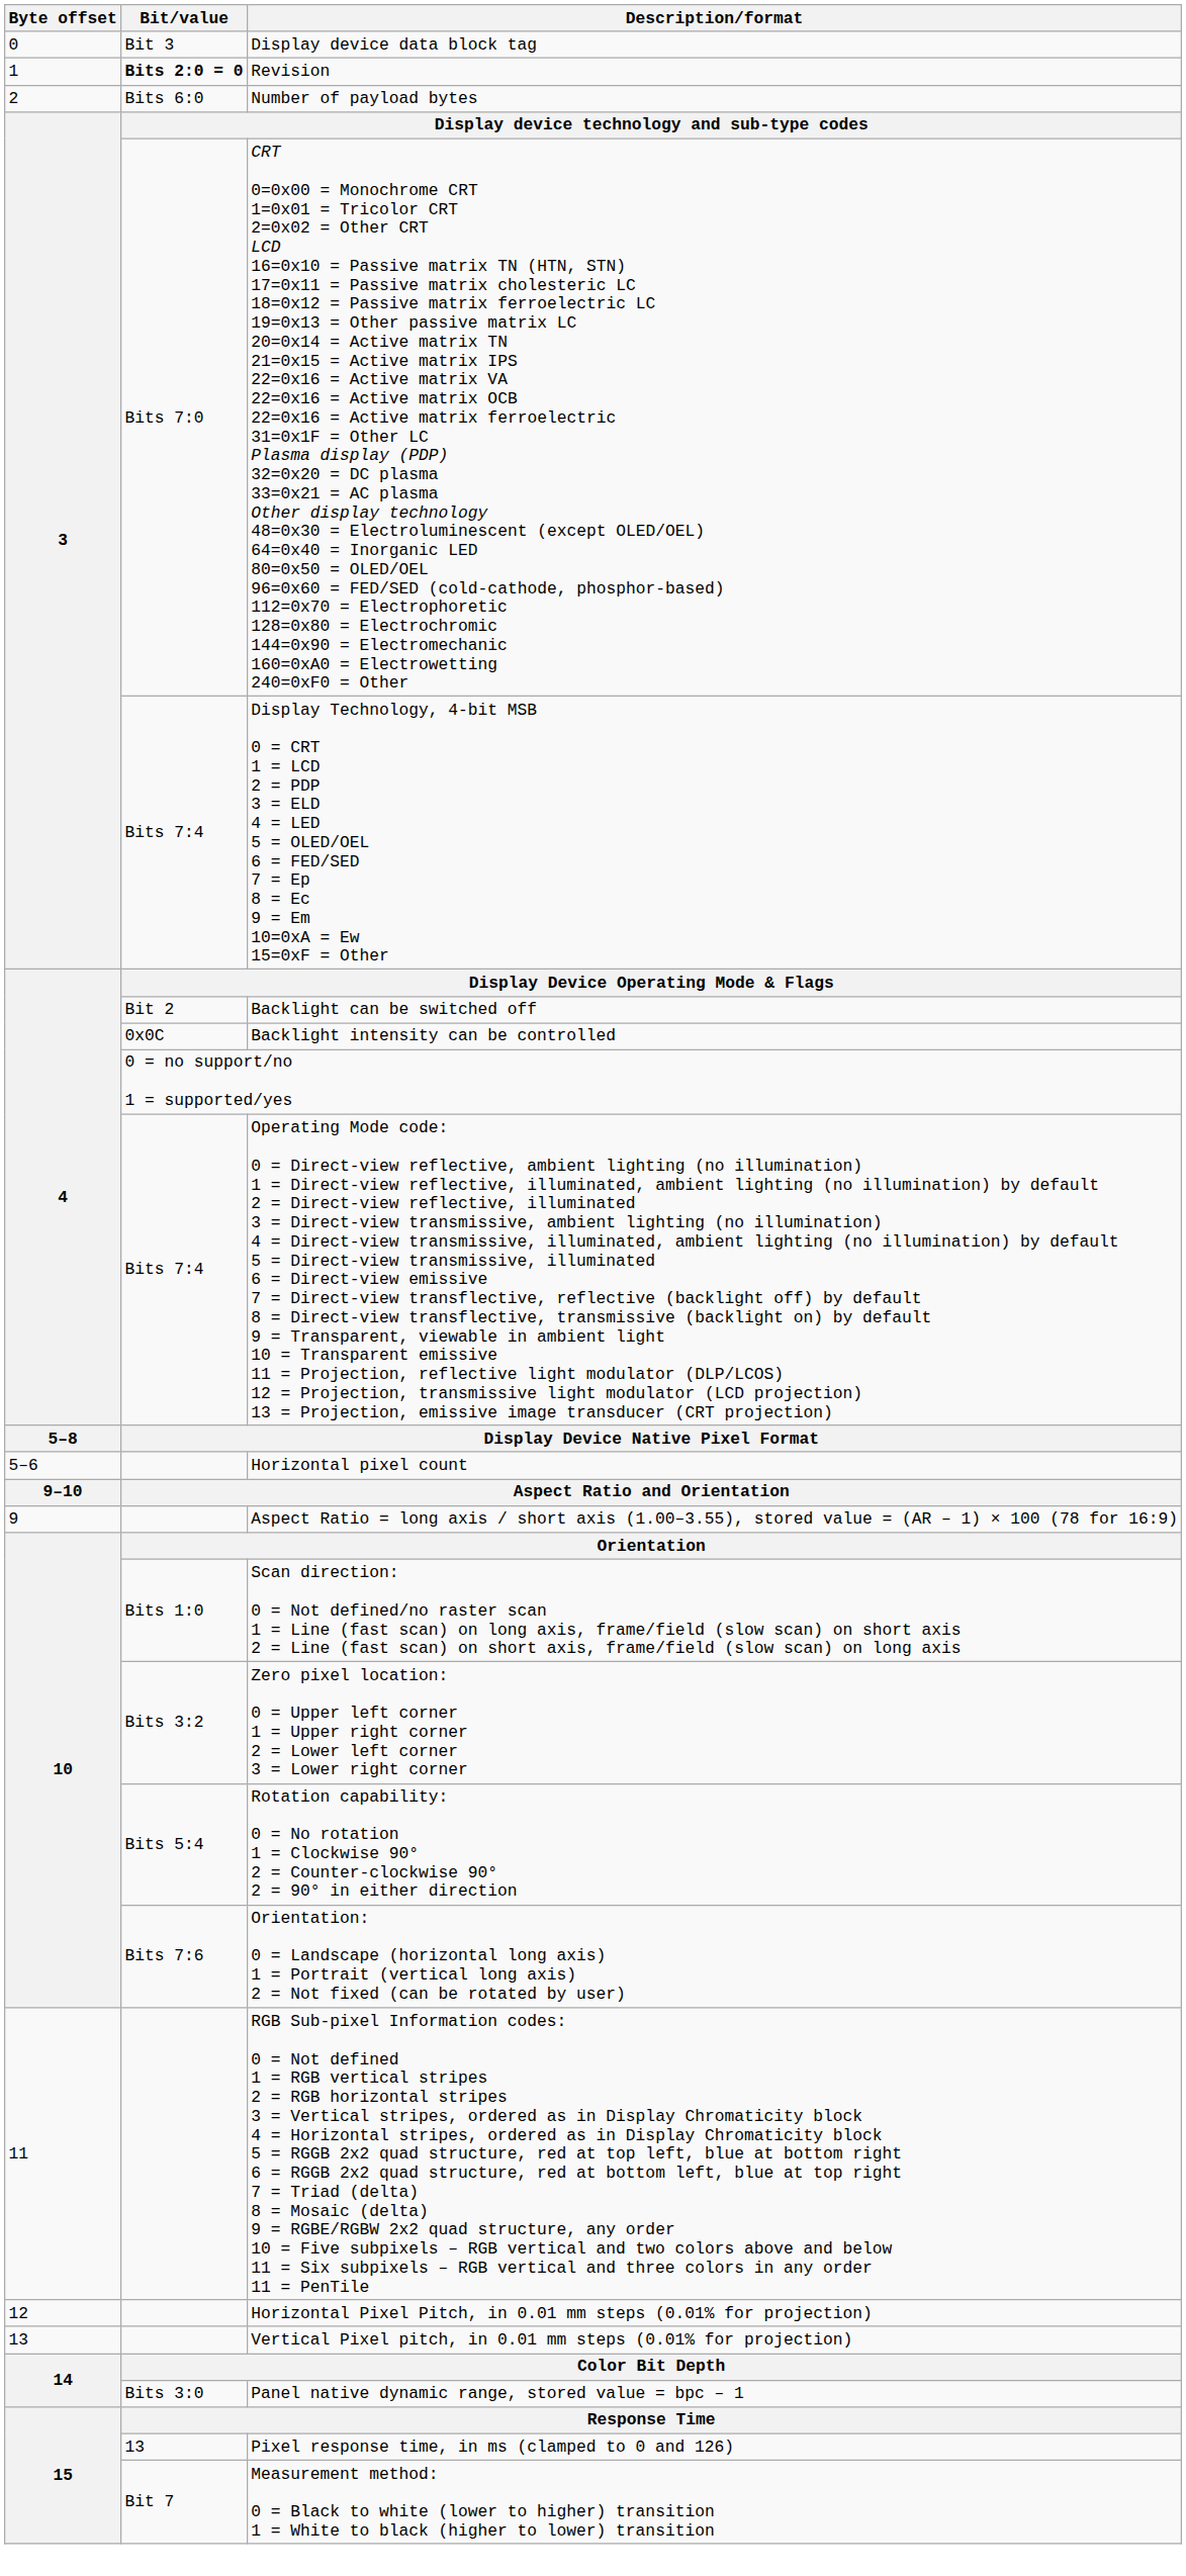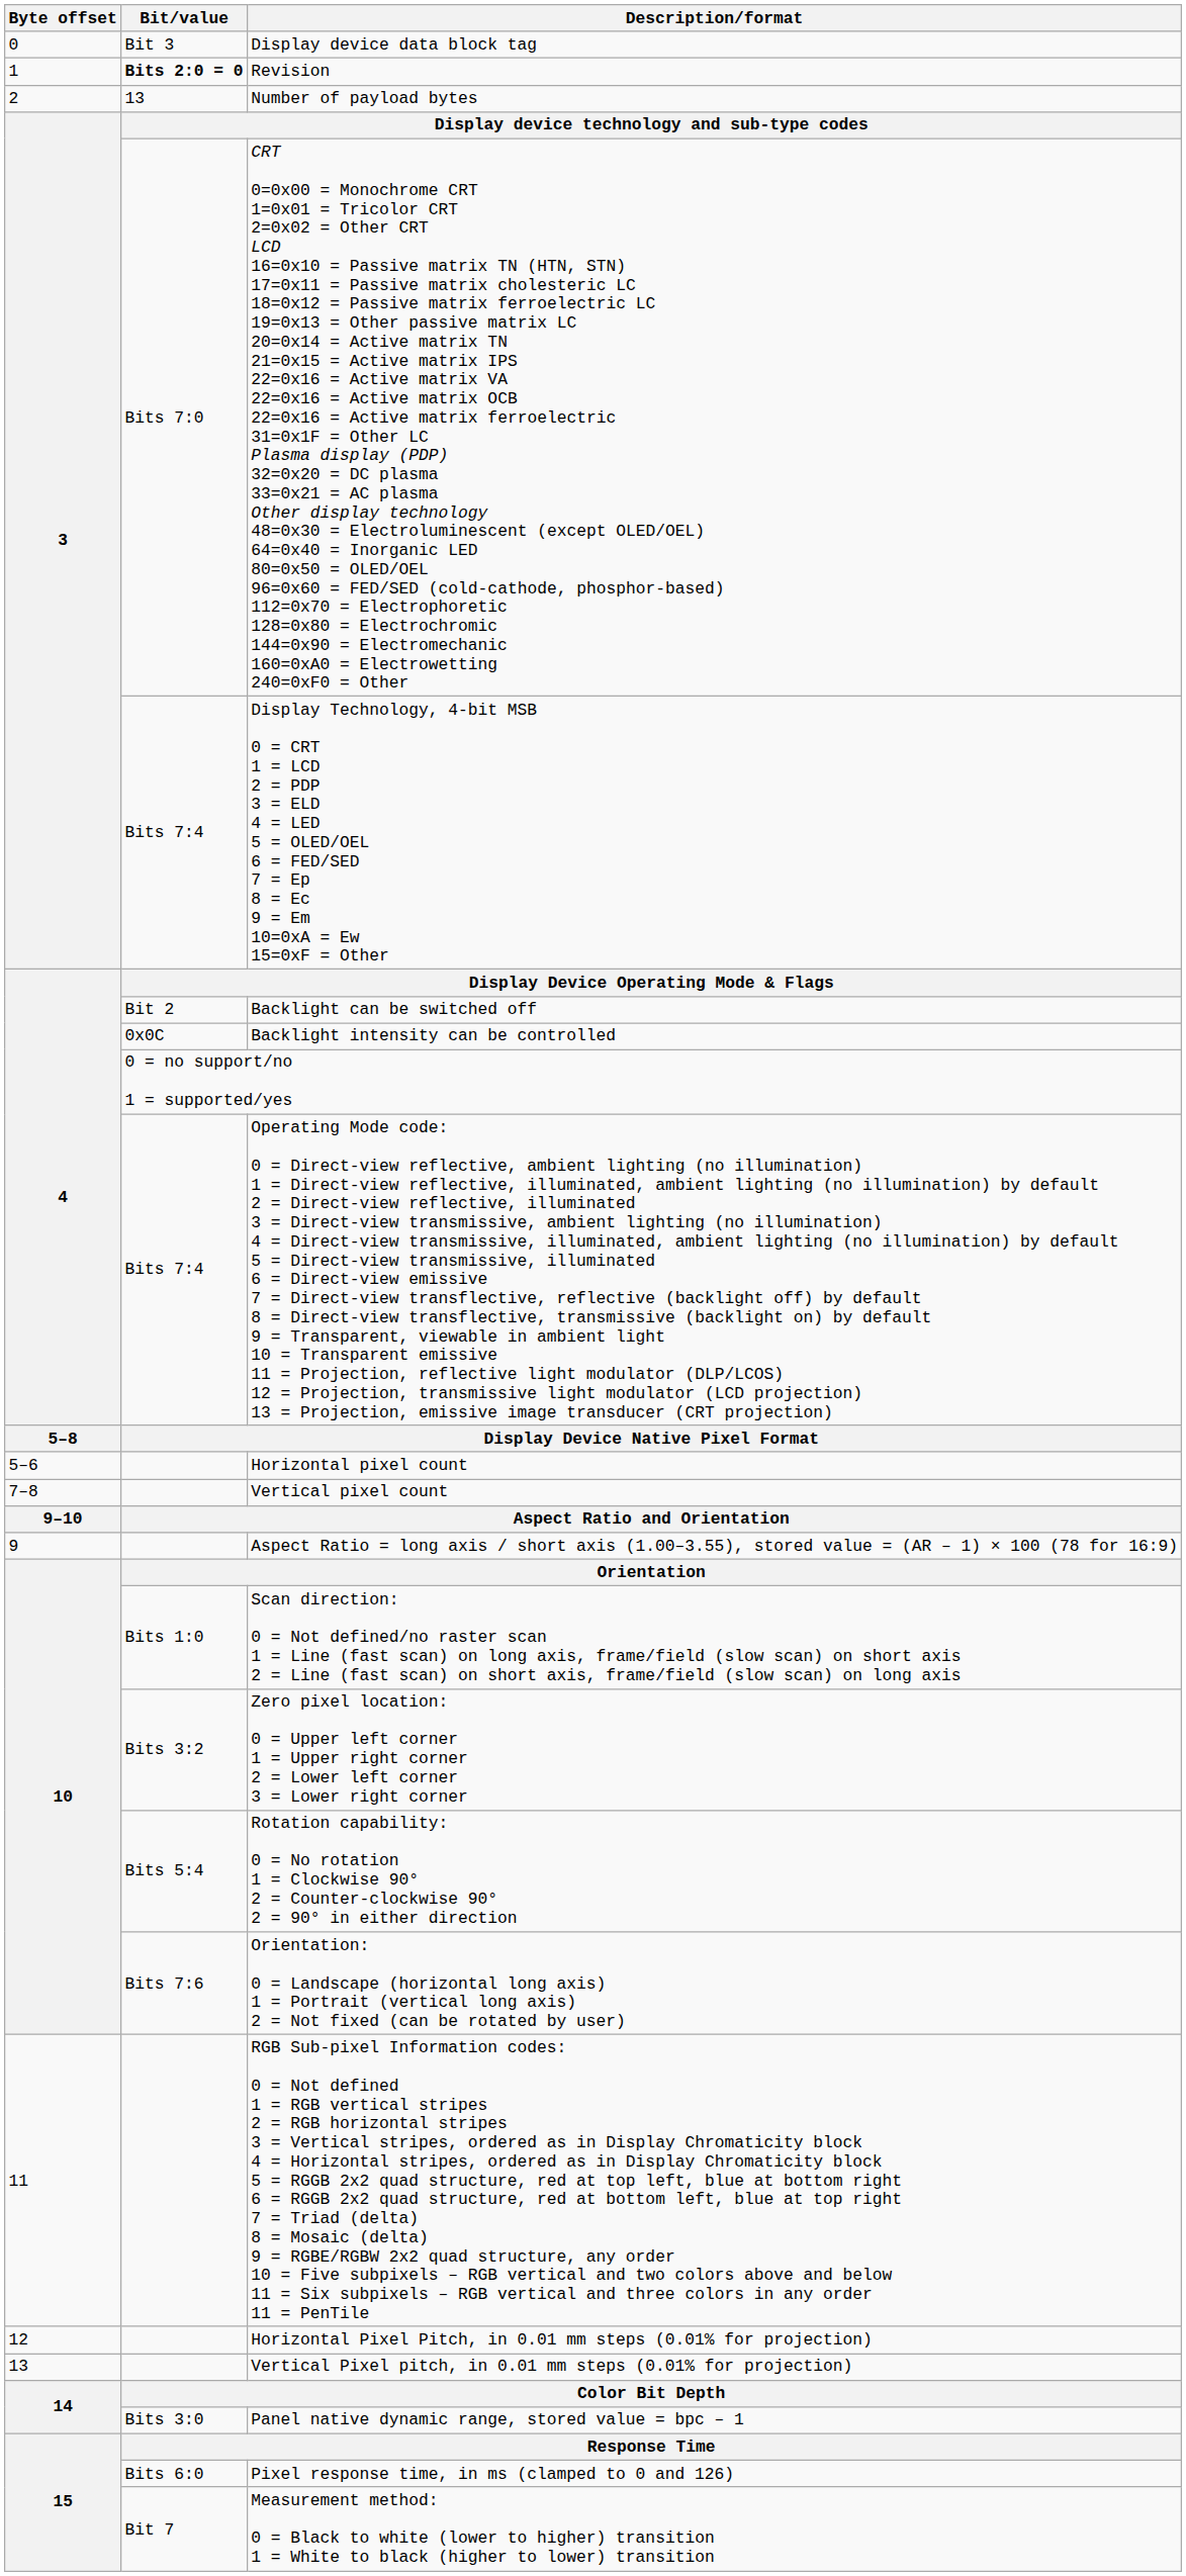 <table class=wikitable>
 <tr>
 <th>Byte offset</th>
 <th>Bit/value</th>
 <th>Description/format</th>
 </tr>
 <tr>
 <td>0</td>
 <td>Bit 3</td>
 <td>Display device data block tag</td>
 </tr>
 <tr>
 <td>1</td>
 <td><strong>Bits 2:0 = <code>0</code></strong></td>
 <td>Revision</td>
 </tr>
 <tr>
 <td>2</td>
-<td>Bits 6:0</td>
+<td><code>13</code></td>
 <td>Number of payload bytes</td>
 </tr>
 <tr>
 <th rowspan=3>3</th>
 <th colspan=2>Display device technology and sub-type codes</th>
 </tr>
 <tr>
 <td>Bits 7:0</td>
 <td><em>CRT</em><br><br><code>0</code>=<code>0x00</code> = Monochrome CRT<br> <code>1</code>=<code>0x01</code> = Tricolor CRT<br> <code>2</code>=<code>0x02</code> = Other CRT<br> <em>LCD</em> <br> <code>16</code>=<code>0x10</code> = Passive matrix TN (HTN, STN)<br> <code>17</code>=<code>0x11</code> = Passive matrix cholesteric LC<br> <code>18</code>=<code>0x12</code> = Passive matrix ferroelectric LC<br> <code>19</code>=<code>0x13</code> = Other passive matrix LC<br> <code>20</code>=<code>0x14</code> = Active matrix TN<br> <code>21</code>=<code>0x15</code> = Active matrix IPS<br> <code>22</code>=<code>0x16</code> = Active matrix VA<br> <code>22</code>=<code>0x16</code> = Active matrix OCB<br> <code>22</code>=<code>0x16</code> = Active matrix ferroelectric<br> <code>31</code>=<code>0x1F</code> = Other LC<br> <em>Plasma display (PDP)</em> <br> <code>32</code>=<code>0x20</code> = DC plasma<br> <code>33</code>=<code>0x21</code> = AC plasma<br> <em>Other display technology</em><br> <code>48</code>=<code>0x30</code> = Electroluminescent (except OLED/OEL)<br> <code>64</code>=<code>0x40</code> = Inorganic LED<br> <code>80</code>=<code>0x50</code> = OLED/OEL<br> <code>96</code>=<code>0x60</code> = FED/SED (cold-cathode, phosphor-based)<br> <code>112</code>=<code>0x70</code> = Electrophoretic<br> <code>128</code>=<code>0x80</code> = Electrochromic<br> <code>144</code>=<code>0x90</code> = Electromechanic<br> <code>160</code>=<code>0xA0</code> = Electrowetting<br> <code>240</code>=<code>0xF0</code> = Other</td>
 </tr>
 <tr>
 <td>Bits 7:4</td>
 <td>Display Technology, 4-bit MSB<br><br><code>0</code> = CRT<br> <code>1</code> = LCD<br> <code>2</code> = PDP<br> <code>3</code> = ELD<br> <code>4</code> = LED<br> <code>5</code> = OLED/OEL<br> <code>6</code> = FED/SED<br> <code>7</code> = Ep<br> <code>8</code> = Ec<br> <code>9</code> = Em<br> <code>10</code>=<code>0xA</code> = Ew<br> <code>15</code>=<code>0xF</code> = Other</td>
 </tr>
 <tr>
 <th rowspan=5>4</th>
 <th colspan=2>Display Device Operating Mode & Flags</th>
 </tr>
 <tr>
 <td>Bit 2</td>
 <td>Backlight can be switched off</td>
 </tr>
 <tr>
 <td><code>0x0C</code></td>
 <td>Backlight intensity can be controlled</td>
 </tr>
 <tr>
 <td colspan=2><code>0</code> = no support/no<br><br><code>1</code> = supported/yes</td>
 </tr>
 <tr>
 <td>Bits 7:4</td>
 <td>Operating Mode code:<br><br><code>0</code> = Direct-view reflective, ambient lighting (no illumination)<br> <code>1</code> = Direct-view reflective, illuminated, ambient lighting (no illumination) by default <br> <code>2</code> = Direct-view reflective, illuminated<br> <code>3</code> = Direct-view transmissive, ambient lighting (no illumination)<br> <code>4</code> = Direct-view transmissive, illuminated, ambient lighting (no illumination) by default<br> <code>5</code> = Direct-view transmissive, illuminated<br> <code>6</code> = Direct-view emissive<br> <code>7</code> = Direct-view transflective, reflective (backlight off) by default<br> <code>8</code> = Direct-view transflective, transmissive (backlight on) by default<br> <code>9</code> = Transparent, viewable in ambient light<br> <code>10</code> = Transparent emissive<br> <code>11</code> = Projection, reflective light modulator (DLP/LCOS)<br> <code>12</code> = Projection, transmissive light modulator (LCD projection)<br> <code>13</code> = Projection, emissive image transducer (CRT projection)</td>
 </tr>
 <tr>
 <th>5–8</th>
 <th colspan=2>Display Device Native Pixel Format</th>
 </tr>
 <tr>
 <td>5–6</td>
 <td></td>
 <td>Horizontal pixel count</td>
+</tr>
+<tr>
+<td>7–8</td>
+<td></td>
+<td>Vertical pixel count</td>
 </tr>
 <tr>
 <th>9–10</th>
 <th colspan=2>Aspect Ratio and Orientation</th>
 </tr>
 <tr>
 <td>9</td>
 <td></td>
 <td>Aspect Ratio = long axis / short axis (1.00–3.55), stored value = (AR – 1) × 100 (78 for 16:9)</td>
 </tr>
 <tr>
 <th rowspan=5>10</th>
 <th colspan=2>Orientation</th>
 </tr>
 <tr>
 <td>Bits 1:0</td>
 <td>Scan direction:<br><br><code>0</code> = Not defined/no raster scan<br> <code>1</code> = Line (fast scan) on long axis, frame/field (slow scan) on short axis<br> <code>2</code> = Line (fast scan) on short axis, frame/field (slow scan) on long axis</td>
 </tr>
 <tr>
 <td>Bits 3:2</td>
 <td>Zero pixel location:<br><br><code>0</code> = Upper left corner<br> <code>1</code> = Upper right corner<br> <code>2</code> = Lower left corner<br> <code>3</code> = Lower right corner</td>
 </tr>
 <tr>
 <td>Bits 5:4</td>
 <td>Rotation capability:<br><br><code>0</code> = No rotation<br> <code>1</code> = Clockwise 90°<br> <code>2</code> = Counter-clockwise 90°<br> <code>2</code> = 90° in either direction<br></td>
 </tr>
 <tr>
 <td>Bits 7:6</td>
 <td>Orientation:<br><br><code>0</code> = Landscape (horizontal long axis)<br> <code>1</code> = Portrait (vertical long axis)<br> <code>2</code> = Not fixed (can be rotated by user)<br></td>
 </tr>
 <tr>
 <td>11</td>
 <td></td>
 <td>RGB Sub-pixel Information codes:<br><br><code>0</code> = Not defined<br> <code>1</code> = RGB vertical stripes<br> <code>2</code> = RGB horizontal stripes<br> <code>3</code> = Vertical stripes, ordered as in Display Chromaticity block<br> <code>4</code> = Horizontal stripes, ordered as in Display Chromaticity block<br> <code>5</code> = RGGB 2x2 quad structure, red at top left, blue at bottom right<br> <code>6</code> = RGGB 2x2 quad structure, red at bottom left, blue at top right<br> <code>7</code> = Triad (delta)<br> <code>8</code> = Mosaic (delta)<br> <code>9</code> = RGBE/RGBW 2x2 quad structure, any order<br> <code>10</code> = Five subpixels – RGB vertical and two colors above and below<br> <code>11</code> = Six subpixels – RGB vertical and three colors in any order<br> <code>11</code> = PenTile<br></td>
 </tr>
 <tr>
 <td>12</td>
 <td></td>
 <td>Horizontal Pixel Pitch, in 0.01 mm steps (0.01% for projection)</td>
 </tr>
 <tr>
 <td>13</td>
 <td></td>
 <td>Vertical Pixel pitch, in 0.01 mm steps (0.01% for projection)</td>
 </tr>
 <tr>
 <th rowspan=2>14</th>
 <th colspan=2>Color Bit Depth</th>
 </tr>
 <tr>
 <td>Bits 3:0</td>
 <td>Panel native dynamic range, stored value = bpc – 1</td>
 </tr>
 <tr>
 <th rowspan=3>15</th>
 <th colspan=2>Response Time</th>
 </tr>
 <tr>
-<td><code>13</code></td>
+<td>Bits 6:0</td>
 <td>Pixel response time, in ms (clamped to 0 and 126)</td>
 </tr>
 <tr>
 <td>Bit 7</td>
 <td>Measurement method:<br><br><code>0</code> = Black to white (lower to higher) transition<br> <code>1</code> = White to black (higher to lower) transition<br></td>
 </tr>
 </table>
